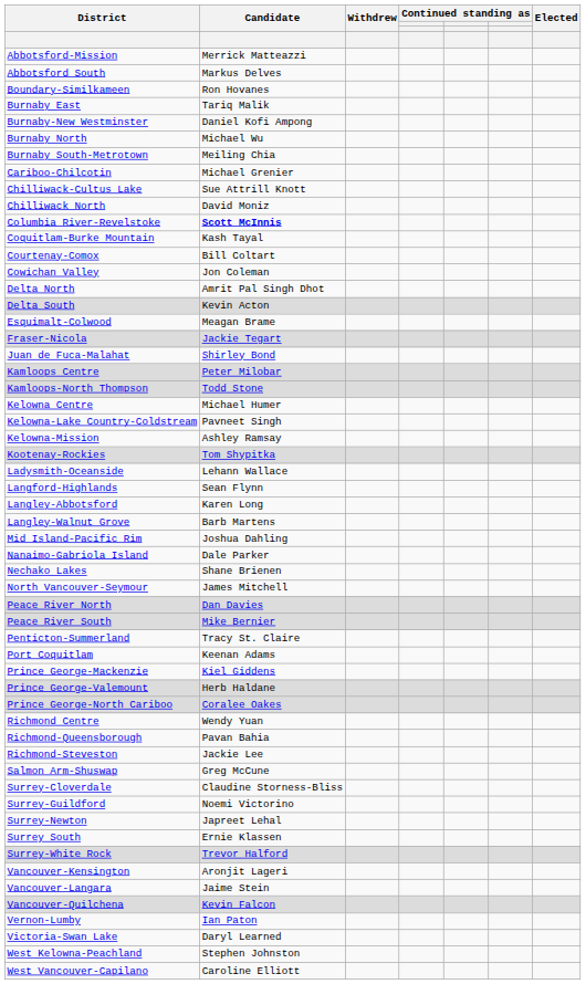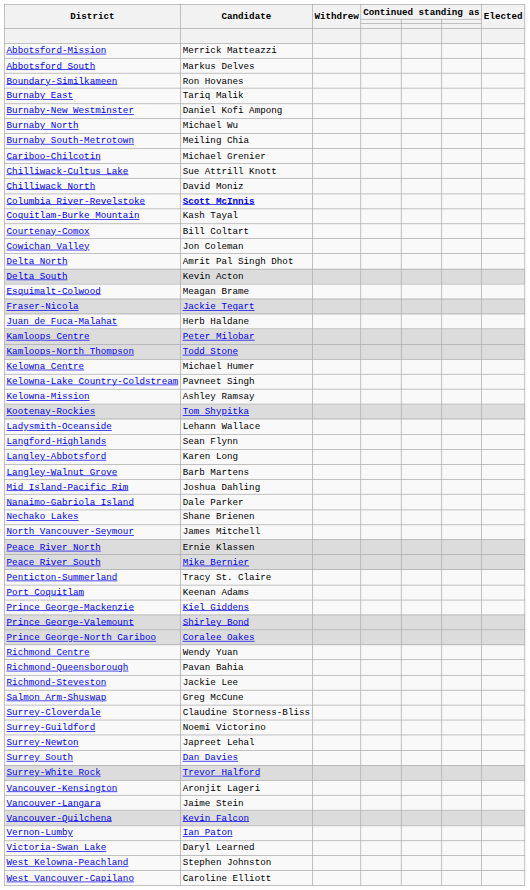 <table class="wikitable sortable mw-collapsible" style="text-align:center;">
 <tr>
 <th rowspan="3">District</th>
 <th rowspan="3">Candidate</th>
 <th rowspan="3">Withdrew</th>
 <th colspan="3">Continued standing as</th>
 <th rowspan="3">Elected</th>
 </tr>
 <tr>
 <th></th>
 <th></th>
 <th></th>
 </tr>
 <tr>
 <th style="background-color:"></th>
 <th style="background-color:"></th>
 <th style="background-color:"></th>
 </tr>
 <tr>
 <th> </th>
 <th></th>
 <th></th>
 <th></th>
 <th></th>
 <th></th>
 <th></th>
 </tr>
 <tr>
 <td style="text-align:left;"><a href='#'>Abbotsford-Mission</a></td>
 <td style="text-align:left;">Merrick Matteazzi</td>
 <td></td>
 <td></td>
 <td></td>
 <td></td>
 <td></td>
 </tr>
 <tr>
 <td style="text-align:left;"><a href='#'>Abbotsford South</a></td>
 <td style="text-align:left;">Markus Delves</td>
 <td></td>
 <td></td>
 <td></td>
 <td></td>
 <td></td>
 </tr>
 <tr>
 <td style="text-align:left;"><a href='#'>Boundary-Similkameen</a></td>
 <td style="text-align:left;">Ron Hovanes</td>
 <td></td>
 <td></td>
 <td></td>
 <td></td>
 <td></td>
 </tr>
 <tr>
 <td style="text-align:left;"><a href='#'>Burnaby East</a></td>
 <td style="text-align:left;">Tariq Malik</td>
 <td></td>
 <td></td>
 <td></td>
 <td></td>
 <td></td>
 </tr>
 <tr>
 <td style="text-align:left;"><a href='#'>Burnaby-New Westminster</a></td>
 <td style="text-align:left;">Daniel Kofi Ampong</td>
 <td></td>
 <td></td>
 <td></td>
 <td></td>
 <td></td>
 </tr>
 <tr>
 <td style="text-align:left;"><a href='#'>Burnaby North</a></td>
 <td style="text-align:left;">Michael Wu</td>
 <td></td>
 <td></td>
 <td></td>
 <td></td>
 <td></td>
 </tr>
 <tr>
 <td style="text-align:left;"><a href='#'>Burnaby South-Metrotown</a></td>
 <td style="text-align:left;">Meiling Chia</td>
 <td></td>
 <td></td>
 <td></td>
 <td></td>
 <td></td>
 </tr>
 <tr>
 <td style="text-align:left;"><a href='#'>Cariboo-Chilcotin</a></td>
 <td style="text-align:left;">Michael Grenier</td>
 <td></td>
 <td></td>
 <td></td>
 <td></td>
 <td></td>
 </tr>
 <tr>
 <td style="text-align:left;"><a href='#'>Chilliwack-Cultus Lake</a></td>
 <td style="text-align:left;">Sue Attrill Knott</td>
 <td></td>
 <td></td>
 <td></td>
 <td></td>
 <td></td>
 </tr>
 <tr>
 <td style="text-align:left;"><a href='#'>Chilliwack North</a></td>
 <td style="text-align:left;">David Moniz</td>
 <td></td>
 <td></td>
 <td></td>
 <td></td>
 <td></td>
 </tr>
 <tr>
 <td style="text-align:left;"><a href='#'>Columbia River-Revelstoke</a></td>
 <td style="text-align:left;"><strong><a href='#'>Scott McInnis</a></strong></td>
 <td></td>
 <td></td>
 <td></td>
 <td></td>
 <td></td>
 </tr>
 <tr>
 <td style="text-align:left;"><a href='#'>Coquitlam-Burke Mountain</a></td>
 <td style="text-align:left;">Kash Tayal</td>
 <td></td>
 <td></td>
 <td></td>
 <td></td>
 <td></td>
 </tr>
 <tr>
 <td style="text-align:left;"><a href='#'>Courtenay-Comox</a></td>
 <td style="text-align:left;">Bill Coltart</td>
 <td></td>
 <td></td>
 <td></td>
 <td></td>
 <td></td>
 </tr>
 <tr>
 <td style="text-align:left;"><a href='#'>Cowichan Valley</a></td>
 <td style="text-align:left;">Jon Coleman</td>
 <td></td>
 <td></td>
 <td></td>
 <td></td>
 <td></td>
 </tr>
 <tr>
 <td style="text-align:left;"><a href='#'>Delta North</a></td>
 <td style="text-align:left;">Amrit Pal Singh Dhot</td>
 <td></td>
 <td></td>
 <td></td>
 <td></td>
 <td></td>
 </tr>
 <tr style="background-color:#dcdcdc;">
 <td style="text-align:left;"><a href='#'>Delta South</a></td>
 <td style="text-align:left;">Kevin Acton</td>
 <td></td>
 <td></td>
 <td></td>
 <td></td>
 <td></td>
 </tr>
 <tr>
 <td style="text-align:left;"><a href='#'>Esquimalt-Colwood</a></td>
 <td style="text-align:left;">Meagan Brame</td>
 <td></td>
 <td></td>
 <td></td>
 <td></td>
 <td></td>
 </tr>
 <tr style="background-color:#dcdcdc;">
 <td style="text-align:left;"><a href='#'>Fraser-Nicola</a></td>
 <td style="text-align:left;"><a href='#'>Jackie Tegart</a></td>
 <td></td>
 <td></td>
 <td></td>
 <td></td>
 <td></td>
 </tr>
 <tr>
 <td style="text-align:left;"><a href='#'>Juan de Fuca-Malahat</a></td>
-<td style="text-align:left;"><a href='#'>Shirley Bond</a></td>
+<td style="text-align:left;">Herb Haldane</td>
 <td></td>
 <td></td>
 <td></td>
 <td></td>
 <td></td>
 </tr>
 <tr style="background-color:#dcdcdc;">
 <td style="text-align:left;"><a href='#'>Kamloops Centre</a></td>
 <td style="text-align:left;"><a href='#'>Peter Milobar</a></td>
 <td></td>
 <td></td>
 <td></td>
 <td></td>
 <td></td>
 </tr>
 <tr style="background-color:#dcdcdc;">
 <td style="text-align:left;"><a href='#'>Kamloops-North Thompson</a></td>
 <td style="text-align:left;"><a href='#'>Todd Stone</a></td>
 <td></td>
 <td></td>
 <td></td>
 <td></td>
 <td></td>
 </tr>
 <tr>
 <td style="text-align:left;"><a href='#'>Kelowna Centre</a></td>
 <td style="text-align:left;">Michael Humer</td>
 <td></td>
 <td></td>
 <td></td>
 <td></td>
 <td></td>
 </tr>
 <tr>
 <td style="text-align:left;"><a href='#'>Kelowna-Lake Country-Coldstream</a></td>
 <td style="text-align:left;">Pavneet Singh</td>
 <td></td>
 <td></td>
 <td></td>
 <td></td>
 <td></td>
 </tr>
 <tr>
 <td style="text-align:left;"><a href='#'>Kelowna-Mission</a></td>
 <td style="text-align:left;">Ashley Ramsay</td>
 <td></td>
 <td></td>
 <td></td>
 <td></td>
 <td></td>
 </tr>
 <tr style="background-color:#dcdcdc;">
 <td style="text-align:left;"><a href='#'>Kootenay-Rockies</a></td>
 <td style="text-align:left;"><a href='#'>Tom Shypitka</a></td>
 <td></td>
 <td></td>
 <td></td>
 <td></td>
 <td></td>
 </tr>
 <tr>
 <td style="text-align:left;"><a href='#'>Ladysmith-Oceanside</a></td>
 <td style="text-align:left;">Lehann Wallace</td>
 <td></td>
 <td></td>
 <td></td>
 <td></td>
 <td></td>
 </tr>
 <tr>
 <td style="text-align:left;"><a href='#'>Langford-Highlands</a></td>
 <td style="text-align:left;">Sean Flynn</td>
 <td></td>
 <td></td>
 <td></td>
 <td></td>
 <td></td>
 </tr>
 <tr>
 <td style="text-align:left;"><a href='#'>Langley-Abbotsford</a></td>
 <td style="text-align:left;">Karen Long</td>
 <td></td>
 <td></td>
 <td></td>
 <td></td>
 <td></td>
 </tr>
 <tr>
 <td style="text-align:left;"><a href='#'>Langley-Walnut Grove</a></td>
 <td style="text-align:left;">Barb Martens</td>
 <td></td>
 <td></td>
 <td></td>
 <td></td>
 <td></td>
 </tr>
 <tr>
 <td style="text-align:left;"><a href='#'>Mid Island-Pacific Rim</a></td>
 <td style="text-align:left;">Joshua Dahling</td>
 <td></td>
 <td></td>
 <td></td>
 <td></td>
 <td></td>
 </tr>
 <tr>
 <td style="text-align:left;"><a href='#'>Nanaimo-Gabriola Island</a></td>
 <td style="text-align:left;">Dale Parker</td>
 <td></td>
 <td></td>
 <td></td>
 <td></td>
 <td></td>
 </tr>
 <tr>
 <td style="text-align:left;"><a href='#'>Nechako Lakes</a></td>
 <td style="text-align:left;">Shane Brienen</td>
 <td></td>
 <td></td>
 <td></td>
 <td></td>
 <td></td>
 </tr>
 <tr>
 <td style="text-align:left;"><a href='#'>North Vancouver-Seymour</a></td>
 <td style="text-align:left;">James Mitchell</td>
 <td></td>
 <td></td>
 <td></td>
 <td></td>
 <td></td>
 </tr>
 <tr style="background-color:#dcdcdc;">
 <td style="text-align:left;"><a href='#'>Peace River North</a></td>
-<td style="text-align:left;"><a href='#'>Dan Davies</a></td>
+<td style="text-align:left;">Ernie Klassen</td>
 <td></td>
 <td></td>
 <td></td>
 <td></td>
 <td></td>
 </tr>
 <tr style="background-color:#dcdcdc;">
 <td style="text-align:left;"><a href='#'>Peace River South</a></td>
 <td style="text-align:left;"><a href='#'>Mike Bernier</a></td>
 <td></td>
 <td></td>
 <td></td>
 <td></td>
 <td></td>
 </tr>
 <tr>
 <td style="text-align:left;"><a href='#'>Penticton-Summerland</a></td>
 <td style="text-align:left;">Tracy St. Claire</td>
 <td></td>
 <td></td>
 <td></td>
 <td></td>
 <td></td>
 </tr>
 <tr>
 <td style="text-align:left;"><a href='#'>Port Coquitlam</a></td>
 <td style="text-align:left;">Keenan Adams</td>
 <td></td>
 <td></td>
 <td></td>
 <td></td>
 <td></td>
 </tr>
 <tr>
 <td style="text-align:left;"><a href='#'>Prince George-Mackenzie</a></td>
 <td style="text-align:left;"><a href='#'>Kiel Giddens</a></td>
 <td></td>
 <td></td>
 <td></td>
 <td></td>
 <td></td>
 </tr>
 <tr style="background-color:#dcdcdc;">
 <td style="text-align:left;"><a href='#'>Prince George-Valemount</a></td>
-<td style="text-align:left;">Herb Haldane</td>
+<td style="text-align:left;"><a href='#'>Shirley Bond</a></td>
 <td></td>
 <td></td>
 <td></td>
 <td></td>
 <td></td>
 </tr>
 <tr style="background-color:#dcdcdc;">
 <td style="text-align:left;"><a href='#'>Prince George-North Cariboo</a></td>
 <td style="text-align:left;"><a href='#'>Coralee Oakes</a></td>
 <td></td>
 <td></td>
 <td></td>
 <td></td>
 <td></td>
 </tr>
 <tr>
 <td style="text-align:left;"><a href='#'>Richmond Centre</a></td>
 <td style="text-align:left;">Wendy Yuan</td>
 <td></td>
 <td></td>
 <td></td>
 <td></td>
 <td></td>
 </tr>
 <tr>
 <td style="text-align:left;"><a href='#'>Richmond-Queensborough</a></td>
 <td style="text-align:left;">Pavan Bahia</td>
 <td></td>
 <td></td>
 <td></td>
 <td></td>
 <td></td>
 </tr>
 <tr>
 <td style="text-align:left;"><a href='#'>Richmond-Steveston</a></td>
 <td style="text-align:left;">Jackie Lee</td>
 <td></td>
 <td></td>
 <td></td>
 <td></td>
 <td></td>
 </tr>
 <tr>
 <td style="text-align:left;"><a href='#'>Salmon Arm-Shuswap</a></td>
 <td style="text-align:left;">Greg McCune</td>
 <td></td>
 <td></td>
 <td></td>
 <td></td>
 <td></td>
 </tr>
 <tr>
 <td style="text-align:left;"><a href='#'>Surrey-Cloverdale</a></td>
 <td style="text-align:left;">Claudine Storness-Bliss</td>
 <td></td>
 <td></td>
 <td></td>
 <td></td>
 <td></td>
 </tr>
 <tr>
 <td style="text-align:left;"><a href='#'>Surrey-Guildford</a></td>
 <td style="text-align:left;">Noemi Victorino</td>
 <td></td>
 <td></td>
 <td></td>
 <td></td>
 <td></td>
 </tr>
 <tr>
 <td style="text-align:left;"><a href='#'>Surrey-Newton</a></td>
 <td style="text-align:left;">Japreet Lehal</td>
 <td></td>
 <td></td>
 <td></td>
 <td></td>
 <td></td>
 </tr>
 <tr>
 <td style="text-align:left;"><a href='#'>Surrey South</a></td>
-<td style="text-align:left;">Ernie Klassen</td>
+<td style="text-align:left;"><a href='#'>Dan Davies</a></td>
 <td></td>
 <td></td>
 <td></td>
 <td></td>
 <td></td>
 </tr>
 <tr style="background-color:#dcdcdc;">
 <td style="text-align:left;"><a href='#'>Surrey-White Rock</a></td>
 <td style="text-align:left;"><a href='#'>Trevor Halford</a></td>
 <td></td>
 <td></td>
 <td></td>
 <td></td>
 <td></td>
 </tr>
 <tr>
 <td style="text-align:left;"><a href='#'>Vancouver-Kensington</a></td>
 <td style="text-align:left;">Aronjit Lageri</td>
 <td></td>
 <td> </td>
 <td></td>
 <td></td>
 <td></td>
 </tr>
 <tr>
 <td style="text-align:left;"><a href='#'>Vancouver-Langara</a></td>
 <td style="text-align:left;">Jaime Stein</td>
 <td></td>
 <td></td>
 <td></td>
 <td></td>
 <td></td>
 </tr>
 <tr style="background-color:#dcdcdc;">
 <td style="text-align:left;"><a href='#'>Vancouver-Quilchena</a></td>
 <td style="text-align:left;"><a href='#'>Kevin Falcon</a></td>
 <td></td>
 <td></td>
 <td></td>
 <td></td>
 <td></td>
 </tr>
 <tr>
 <td style="text-align:left;"><a href='#'>Vernon-Lumby</a></td>
 <td style="text-align:left;"><a href='#'>Ian Paton</a></td>
 <td></td>
 <td></td>
 <td></td>
 <td></td>
 <td></td>
 </tr>
 <tr>
 <td style="text-align:left;"><a href='#'>Victoria-Swan Lake</a></td>
 <td style="text-align:left;">Daryl Learned</td>
 <td></td>
 <td></td>
 <td></td>
 <td></td>
 <td></td>
 </tr>
 <tr>
 <td style="text-align:left;"><a href='#'>West Kelowna-Peachland</a></td>
 <td style="text-align:left;">Stephen Johnston</td>
 <td></td>
 <td></td>
 <td></td>
 <td></td>
 <td></td>
 </tr>
 <tr>
 <td style="text-align:left;"><a href='#'>West Vancouver-Capilano</a></td>
 <td style="text-align:left;">Caroline Elliott</td>
 <td></td>
 <td></td>
 <td></td>
 <td></td>
 <td></td>
 </tr>
 </table>
